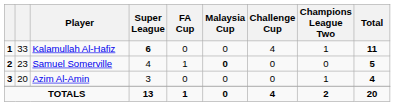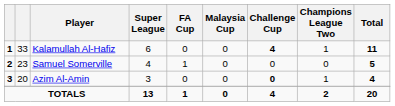 <table class="wikitable sortable" style="font-size: 95%; text-align: center;">
 <tr>
 <th width=10></th>
 <th width=10></th>
 <th width=150>Player</th>
 <th width=50>Super League</th>
 <th width=50>FA Cup</th>
 <th width=50>Malaysia Cup</th>
 <th width=50>Challenge Cup</th>
 <th width=50>Champions League Two</th>
 <th width=50>Total</th>
 </tr>
 <tr>
 <td><strong>1</strong></td>
 <td>33</td>
 <td align=left> <a href='#'>Kalamullah Al-Hafiz</a></td>
-<td><strong>6</strong></td>
+<td>6</td>
 <td>0</td>
 <td>0</td>
-<td>4</td>
+<td><strong>4</strong></td>
 <td>1</td>
 <td><strong>11</strong></td>
 </tr>
 <tr>
 <td><strong>2</strong></td>
 <td>23</td>
 <td align=left> <a href='#'>Samuel Somerville</a></td>
 <td>4</td>
 <td>1</td>
-<td><strong>0</strong></td>
+<td>0</td>
 <td>0</td>
 <td>0</td>
 <td><strong>5</strong></td>
 </tr>
 <tr>
 <td><strong>3</strong></td>
 <td>20</td>
 <td align=left> <a href='#'>Azim Al-Amin</a></td>
 <td>3</td>
 <td>0</td>
 <td>0</td>
-<td>0</td>
+<td><strong>0</strong></td>
 <td>1</td>
 <td><strong>4</strong></td>
 </tr>
 <tr>
 </tr>
 <tr class="sortbottom">
 <td colspan=3><strong>TOTALS</strong></td>
 <td><strong>13</strong></td>
 <td><strong>1</strong></td>
 <td><strong>0</strong></td>
 <td><strong>4</strong></td>
 <td><strong>2</strong></td>
 <td><strong>20</strong></td>
 </tr>
 </table>
